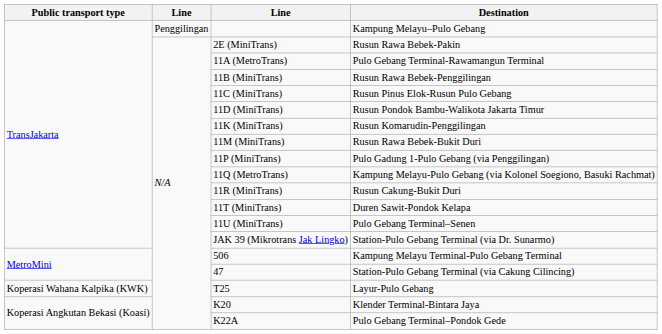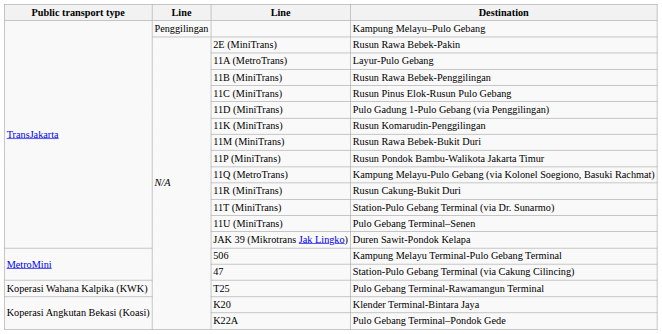 <table class="wikitable">
 <tr>
 <th>Public transport type</th>
 <th>Line</th>
 <th>Line</th>
 <th>Destination</th>
 </tr>
 <tr>
 <td rowspan="14"><a href='#'>TransJakarta</a></td>
 <td>Penggilingan</td>
 <td></td>
 <td>Kampung Melayu–Pulo Gebang</td>
 </tr>
 <tr>
 <td rowspan="18"><em>N/A</em></td>
 <td>2E (MiniTrans)</td>
 <td>Rusun Rawa Bebek-Pakin</td>
 </tr>
 <tr>
 <td>11A (MetroTrans)</td>
-<td>Pulo Gebang Terminal-Rawamangun Terminal</td>
+<td>Layur-Pulo Gebang</td>
 </tr>
 <tr>
 <td>11B (MiniTrans)</td>
 <td>Rusun Rawa Bebek-Penggilingan</td>
 </tr>
 <tr>
 <td>11C (MiniTrans)</td>
 <td>Rusun Pinus Elok-Rusun Pulo Gebang</td>
 </tr>
 <tr>
 <td>11D (MiniTrans)</td>
-<td>Rusun Pondok Bambu-Walikota Jakarta Timur</td>
+<td>Pulo Gadung 1-Pulo Gebang (via Penggilingan)</td>
 </tr>
 <tr>
 <td>11K (MiniTrans)</td>
 <td>Rusun Komarudin-Penggilingan</td>
 </tr>
 <tr>
 <td>11M (MiniTrans)</td>
 <td>Rusun Rawa Bebek-Bukit Duri</td>
 </tr>
 <tr>
 <td>11P (MiniTrans)</td>
-<td>Pulo Gadung 1-Pulo Gebang (via Penggilingan)</td>
+<td>Rusun Pondok Bambu-Walikota Jakarta Timur</td>
 </tr>
 <tr>
 <td>11Q (MetroTrans)</td>
 <td>Kampung Melayu-Pulo Gebang (via Kolonel Soegiono, Basuki Rachmat)</td>
 </tr>
 <tr>
 <td>11R (MiniTrans)</td>
 <td>Rusun Cakung-Bukit Duri</td>
 </tr>
 <tr>
 <td>11T (MiniTrans)</td>
-<td>Duren Sawit-Pondok Kelapa</td>
+<td> Station-Pulo Gebang Terminal (via Dr. Sunarmo)</td>
 </tr>
 <tr>
 <td>11U (MiniTrans)</td>
 <td>Pulo Gebang Terminal–Senen</td>
 </tr>
 <tr>
 <td>JAK 39 (Mikrotrans <a href='#'>Jak Lingko</a>)</td>
-<td> Station-Pulo Gebang Terminal (via Dr. Sunarmo)</td>
+<td>Duren Sawit-Pondok Kelapa</td>
 </tr>
 <tr>
 <td rowspan="2"><a href='#'>MetroMini</a></td>
 <td>506</td>
 <td>Kampung Melayu Terminal-Pulo Gebang Terminal</td>
 </tr>
 <tr>
 <td>47</td>
 <td> Station-Pulo Gebang Terminal (via Cakung Cilincing)</td>
 </tr>
 <tr>
 <td>Koperasi Wahana Kalpika (KWK)</td>
 <td>T25</td>
-<td>Layur-Pulo Gebang</td>
+<td>Pulo Gebang Terminal-Rawamangun Terminal</td>
 </tr>
 <tr>
 <td rowspan="2">Koperasi Angkutan Bekasi (Koasi)</td>
 <td>K20</td>
 <td>Klender Terminal-Bintara Jaya</td>
 </tr>
 <tr>
 <td>K22A</td>
 <td>Pulo Gebang Terminal–Pondok Gede</td>
 </tr>
 </table>
